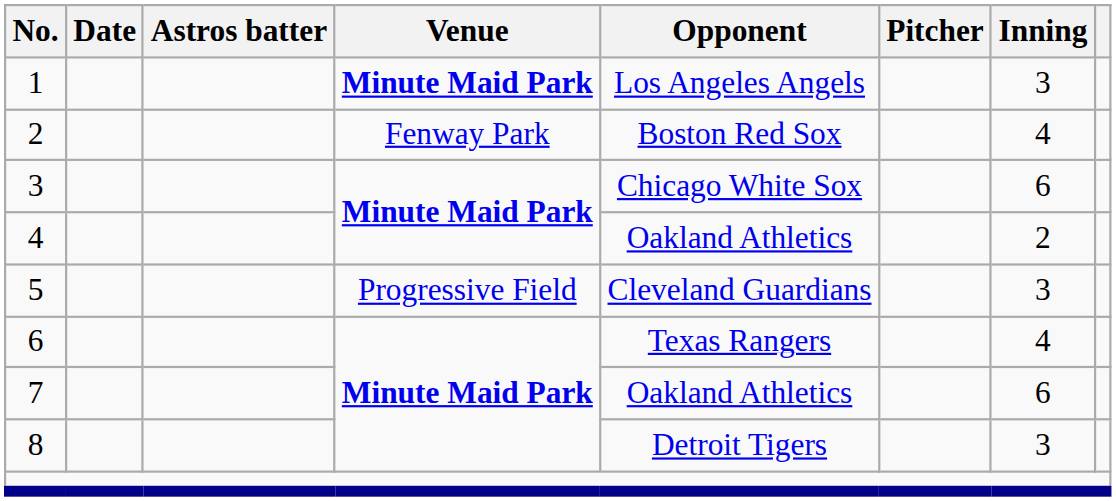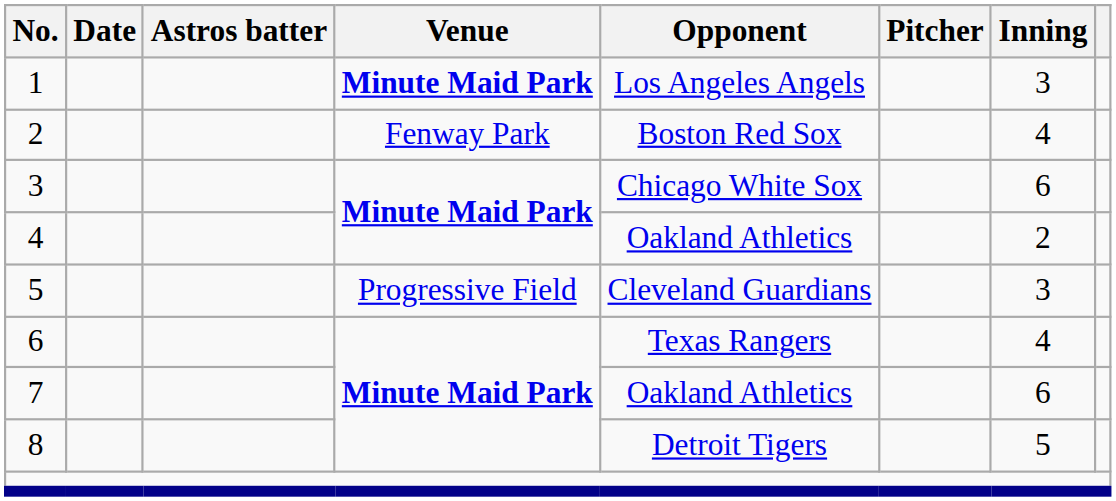 <table class="wikitable sortable" border="1" style="font-size: 90%">
 <tr>
 <th>No.</th>
 <th>Date</th>
 <th>Astros batter</th>
 <th>Venue</th>
 <th>Opponent</th>
 <th>Pitcher</th>
 <th>Inning</th>
 <th></th>
 </tr>
 <tr>
 <td align="center">1</td>
 <td align="center"></td>
 <td></td>
 <td align="center"><strong><a href='#'>Minute Maid Park</a></strong></td>
 <td align="center"><a href='#'>Los Angeles Angels</a></td>
 <td></td>
 <td align="center">3</td>
 <td align="center"></td>
 </tr>
 <tr>
 <td align="center">2</td>
 <td align="center"></td>
 <td></td>
 <td align="center"><a href='#'>Fenway Park</a></td>
 <td align="center"><a href='#'>Boston Red Sox</a></td>
 <td></td>
 <td align="center">4</td>
 <td align="center"></td>
 </tr>
 <tr>
 <td align="center">3</td>
 <td align="center"></td>
 <td></td>
 <td rowspan="2:" align="center"><strong><a href='#'>Minute Maid Park</a></strong></td>
 <td align="center"><a href='#'>Chicago White Sox</a></td>
 <td></td>
 <td align="center">6</td>
 <td align="center"></td>
 </tr>
 <tr>
 <td align="center">4</td>
 <td align="center"></td>
 <td></td>
 <td align="center"><a href='#'>Oakland Athletics</a></td>
 <td></td>
 <td align="center">2</td>
 <td align="center"></td>
 </tr>
 <tr>
 <td align="center">5</td>
 <td align="center"></td>
 <td></td>
 <td align="center"><a href='#'>Progressive Field</a></td>
 <td align="center"><a href='#'>Cleveland Guardians</a></td>
 <td></td>
 <td align="center">3</td>
 <td align="center"></td>
 </tr>
 <tr>
 <td align="center">6</td>
 <td align="center"></td>
 <td></td>
 <td rowspan="3:" align="center"><strong><a href='#'>Minute Maid Park</a></strong></td>
 <td align="center"><a href='#'>Texas Rangers</a></td>
 <td></td>
 <td align="center">4</td>
 <td align="center"></td>
 </tr>
 <tr>
 <td align="center">7</td>
 <td align="center"></td>
 <td></td>
 <td align="center"><a href='#'>Oakland Athletics</a></td>
 <td></td>
 <td align="center">6</td>
 <td align="center"></td>
 </tr>
 <tr>
 <td align="center">8</td>
 <td align="center"></td>
 <td></td>
 <td align="center"><a href='#'>Detroit Tigers</a></td>
 <td></td>
-<td align="center">3</td>
+<td align="center">5</td>
 <td align="center"></td>
 </tr>
 <tr class="sortbottom">
 <td style="border-bottom:#020088 5px solid;" colspan="8"></td>
 </tr>
 </table>
